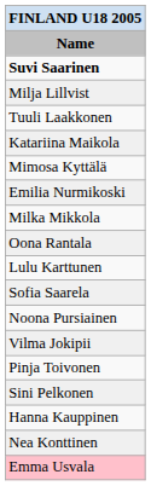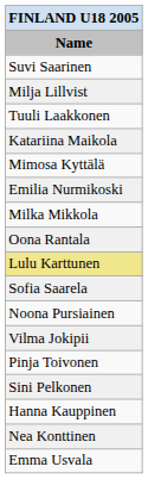 <table class="wikitable" style="text-align:left; font-size:90%;">
 <tr>
 <th style=background:#CEE0F2 colspan=2>FINLAND U18 2005</th>
 </tr>
 <tr>
 <th style="background:silver;">Name</th>
 </tr>
 <tr>
-<td><strong>Suvi Saarinen</strong></td>
+<td>Suvi Saarinen</td>
 </tr>
 <tr bgcolor="#f0f0f0">
 <td>Milja Lillvist</td>
 </tr>
 <tr>
 <td>Tuuli Laakkonen</td>
 </tr>
 <tr bgcolor="#f0f0f0">
 <td>Katariina Maikola</td>
 </tr>
 <tr>
 <td>Mimosa Kyttälä</td>
 </tr>
 <tr bgcolor="#f0f0f0">
 <td>Emilia Nurmikoski</td>
 </tr>
 <tr>
 <td>Milka Mikkola</td>
 </tr>
 <tr bgcolor="#f0f0f0">
 <td>Oona Rantala</td>
 </tr>
 <tr>
-<td>Lulu Karttunen</td>
+<td style="background: khaki;">Lulu Karttunen</td>
 </tr>
 <tr bgcolor="#f0f0f0">
 <td>Sofia Saarela</td>
 </tr>
 <tr>
 <td>Noona Pursiainen</td>
 </tr>
 <tr bgcolor="#f0f0f0">
 <td>Vilma Jokipii</td>
 </tr>
 <tr>
 <td>Pinja Toivonen</td>
 </tr>
 <tr bgcolor="#f0f0f0">
 <td>Sini Pelkonen</td>
 </tr>
 <tr>
 <td>Hanna Kauppinen</td>
 </tr>
 <tr bgcolor="#f0f0f0">
 <td>Nea Konttinen</td>
 </tr>
 <tr>
-<td style="background: pink;">Emma Usvala</td>
+<td>Emma Usvala</td>
 </tr>
 </table>
